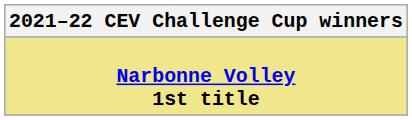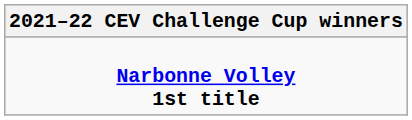 <table class="wikitable" style="text-align:center; margin:auto">
 <tr>
 <th>2021–22 CEV Challenge Cup winners</th>
 </tr>
 <tr>
-<td style="background: khaki;"><br> <strong><a href='#'>Narbonne Volley</a></strong><br> <strong>1st title</strong></td>
+<td><br> <strong><a href='#'>Narbonne Volley</a></strong><br> <strong>1st title</strong></td>
 </tr>
 </table>
